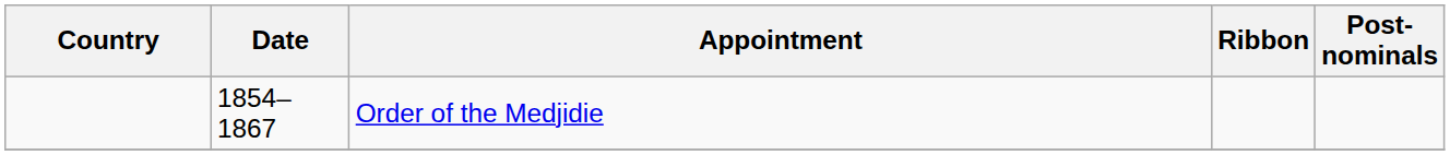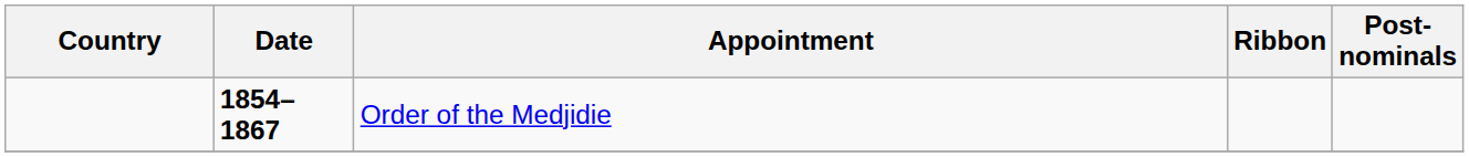 <table class="wikitable">
 <tr>
 <th style="width:15%;">Country</th>
 <th style="width:10%;">Date</th>
 <th style="width:65%;">Appointment</th>
 <th style="width:5%;">Ribbon</th>
 <th style="width:5%;">Post-nominals</th>
 </tr>
 <tr>
 <td></td>
-<td>1854–1867</td>
+<td><strong>1854–1867</strong></td>
 <td><a href='#'>Order of the Medjidie</a></td>
 <td></td>
 <td></td>
 </tr>
 <tr>
 </tr>
 </table>
